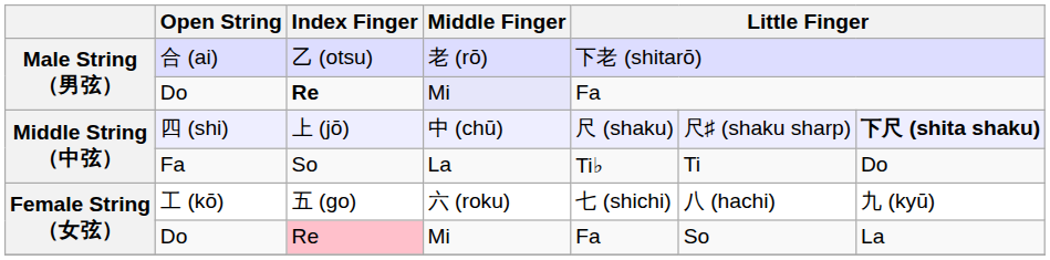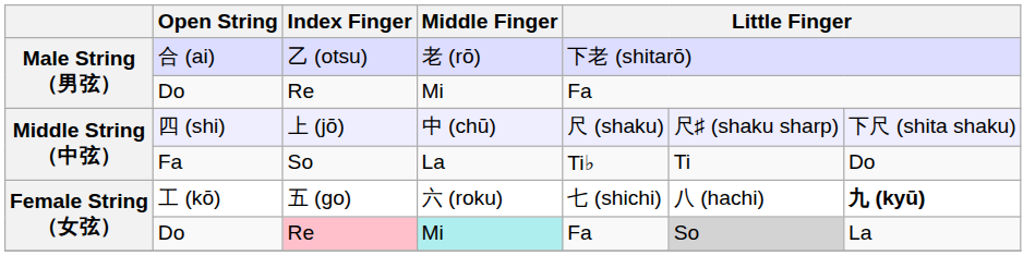 <table class="wikitable">
 <tr>
 <th></th>
 <th>Open String</th>
 <th>Index Finger</th>
 <th>Middle Finger</th>
 <th colspan="3">Little Finger</th>
 </tr>
 <tr>
 <th rowspan="2">Male String<br>（男弦）</th>
 <td style="background-color:#ddf">合 (ai)</td>
 <td style="background-color:#ddf">乙 (otsu)</td>
 <td style="background-color:#ddf">老 (rō)</td>
 <td style="background-color:#ddf"  colspan="3">下老 (shitarō)</td>
 </tr>
 <tr>
 <td>Do</td>
-<td><strong>Re</strong></td>
-<td style="background: lavender;">Mi</td>
+<td>Re</td>
+<td>Mi</td>
 <td colspan="3">Fa</td>
 </tr>
 <tr>
 <th rowspan="2">Middle String<br>（中弦）</th>
 <td style="background-color:#eef">四 (shi)</td>
 <td style="background-color:#eef">上 (jō)</td>
 <td style="background-color:#eef">中 (chū)</td>
 <td style="background-color:#eef">尺 (shaku)</td>
 <td style="background-color:#eef">尺♯ (shaku sharp)</td>
-<td style="background-color:#eef"><strong>下尺 (shita shaku)</strong></td>
+<td style="background-color:#eef">下尺 (shita shaku)</td>
 </tr>
 <tr>
 <td>Fa</td>
 <td>So</td>
 <td>La</td>
 <td>Ti♭</td>
 <td>Ti</td>
 <td>Do</td>
 </tr>
 <tr>
 <th rowspan="2">Female String<br>（女弦）</th>
 <td style="background-color:#fff">工 (kō)</td>
 <td style="background-color:#fff">五 (go)</td>
 <td style="background-color:#fff">六 (roku)</td>
 <td style="background-color:#fff">七 (shichi)</td>
 <td style="background-color:#fff">八 (hachi)</td>
-<td style="background-color:#fff">九 (kyū)</td>
+<td style="background-color:#fff"><strong>九 (kyū)</strong></td>
 </tr>
 <tr>
 <td>Do</td>
 <td style="background: pink;">Re</td>
-<td>Mi</td>
+<td style="background: paleturquoise;">Mi</td>
 <td>Fa</td>
-<td>So</td>
+<td style="background: lightgrey;">So</td>
 <td>La</td>
 </tr>
 <tr>
 </tr>
 </table>
